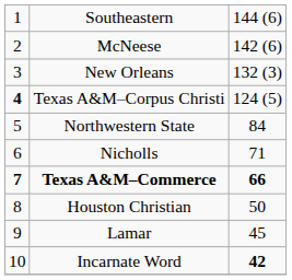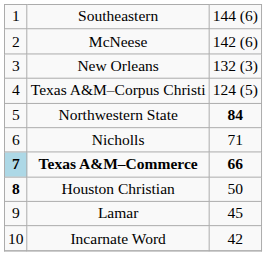 <table class="wikitable">
 <tr align="center">
 <td>1</td>
 <td>Southeastern</td>
 <td>144 (6)</td>
 </tr>
 <tr align="center">
 <td>2</td>
 <td>McNeese</td>
 <td>142 (6)</td>
 </tr>
 <tr align="center">
 <td>3</td>
 <td>New Orleans</td>
 <td>132 (3)</td>
 </tr>
 <tr align="center">
-<td><strong>4</strong></td>
+<td>4</td>
 <td>Texas A&M–Corpus Christi</td>
 <td>124 (5)</td>
 </tr>
 <tr align="center">
 <td>5</td>
 <td>Northwestern State</td>
-<td>84</td>
+<td><strong>84</strong></td>
 </tr>
 <tr align="center">
 <td>6</td>
 <td>Nicholls</td>
 <td>71</td>
 </tr>
 <tr align="center">
-<td><strong>7</strong></td>
+<td style="background: lightblue;"><strong>7</strong></td>
 <td><strong>Texas A&M–Commerce</strong></td>
 <td><strong>66</strong></td>
 </tr>
 <tr align="center">
-<td>8</td>
+<td><strong>8</strong></td>
 <td>Houston Christian</td>
 <td>50</td>
 </tr>
 <tr align="center">
 <td>9</td>
 <td>Lamar</td>
 <td>45</td>
 </tr>
 <tr align="center">
 <td>10</td>
 <td>Incarnate Word</td>
-<td><strong>42</strong></td>
+<td>42</td>
 </tr>
 <tr align="center">
 </tr>
 </table>
